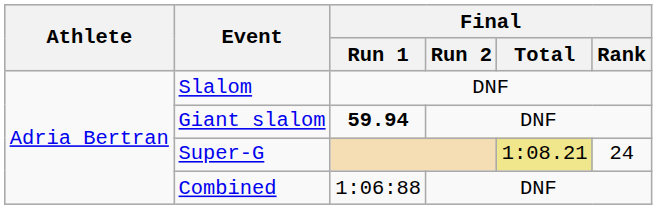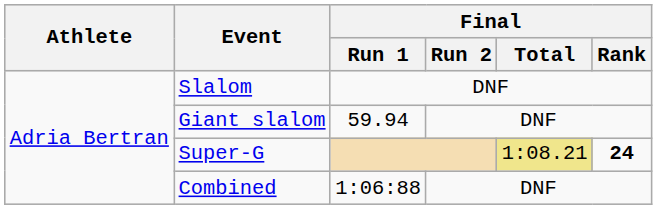 <table class="wikitable">
 <tr>
 <th rowspan="2">Athlete</th>
 <th rowspan="2">Event</th>
 <th colspan="4">Final</th>
 </tr>
 <tr>
 <th>Run 1</th>
 <th>Run 2</th>
 <th>Total</th>
 <th>Rank</th>
 </tr>
 <tr>
 <td rowspan=4><a href='#'>Adria Bertran</a></td>
 <td><a href='#'>Slalom</a></td>
 <td align="center" colspan=4>DNF</td>
 </tr>
 <tr>
 <td><a href='#'>Giant slalom</a></td>
-<td align="center"><strong>59.94</strong></td>
+<td align="center">59.94</td>
 <td align="center" colspan=3>DNF</td>
 </tr>
 <tr>
 <td><a href='#'>Super-G</a></td>
 <td colspan=2 bgcolor="wheat"></td>
 <td align="center" style="background: khaki;">1:08.21</td>
-<td align="center">24</td>
+<td align="center"><strong>24</strong></td>
 </tr>
 <tr>
 <td><a href='#'>Combined</a></td>
 <td align="center">1:06:88</td>
 <td align="center" colspan=3>DNF</td>
 </tr>
 </table>
